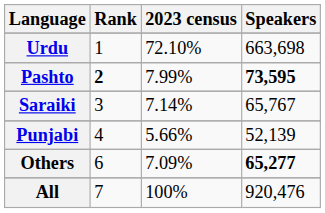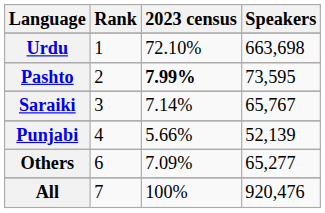 <table class="wikitable">
 <tr>
 <th>Language</th>
 <th>Rank</th>
 <th>2023 census</th>
 <th>Speakers</th>
 </tr>
 <tr>
 </tr>
 <tr>
 </tr>
 <tr>
 </tr>
 <tr>
 </tr>
 <tr>
 </tr>
 <tr>
 </tr>
 <tr>
 </tr>
 <tr>
 </tr>
 <tr>
 <th><a href='#'>Urdu</a></th>
 <td>1</td>
 <td>72.10%</td>
 <td>663,698</td>
 </tr>
 <tr>
 </tr>
 <tr>
 </tr>
 <tr>
 </tr>
 <tr>
 </tr>
 <tr>
 </tr>
 <tr>
 </tr>
 <tr>
 <th><a href='#'>Pashto</a></th>
-<td><strong>2</strong></td>
-<td>7.99%</td>
-<td><strong>73,595</strong></td>
+<td>2</td>
+<td><strong>7.99%</strong></td>
+<td>73,595</td>
 </tr>
 <tr>
 </tr>
 <tr>
 </tr>
 <tr>
 </tr>
 <tr>
 </tr>
 <tr>
 </tr>
 <tr>
 </tr>
 <tr>
 <th><a href='#'>Saraiki</a></th>
 <td>3</td>
 <td>7.14%</td>
 <td>65,767</td>
 </tr>
 <tr>
 </tr>
 <tr>
 </tr>
 <tr>
 </tr>
 <tr>
 </tr>
 <tr>
 </tr>
 <tr>
 </tr>
 <tr>
 <th><a href='#'>Punjabi</a></th>
 <td>4</td>
 <td>5.66%</td>
 <td>52,139</td>
 </tr>
 <tr>
 </tr>
 <tr>
 </tr>
 <tr>
 </tr>
 <tr>
 </tr>
 <tr>
 </tr>
 <tr>
 </tr>
 <tr>
 <th>Others</th>
 <td>6</td>
 <td>7.09%</td>
-<td><strong>65,277</strong></td>
+<td>65,277</td>
 </tr>
 <tr>
 </tr>
 <tr>
 </tr>
 <tr>
 </tr>
 <tr>
 </tr>
 <tr>
 </tr>
 <tr>
 </tr>
 <tr>
 <th>All</th>
 <td>7</td>
 <td>100%</td>
 <td>920,476</td>
 </tr>
 </table>
